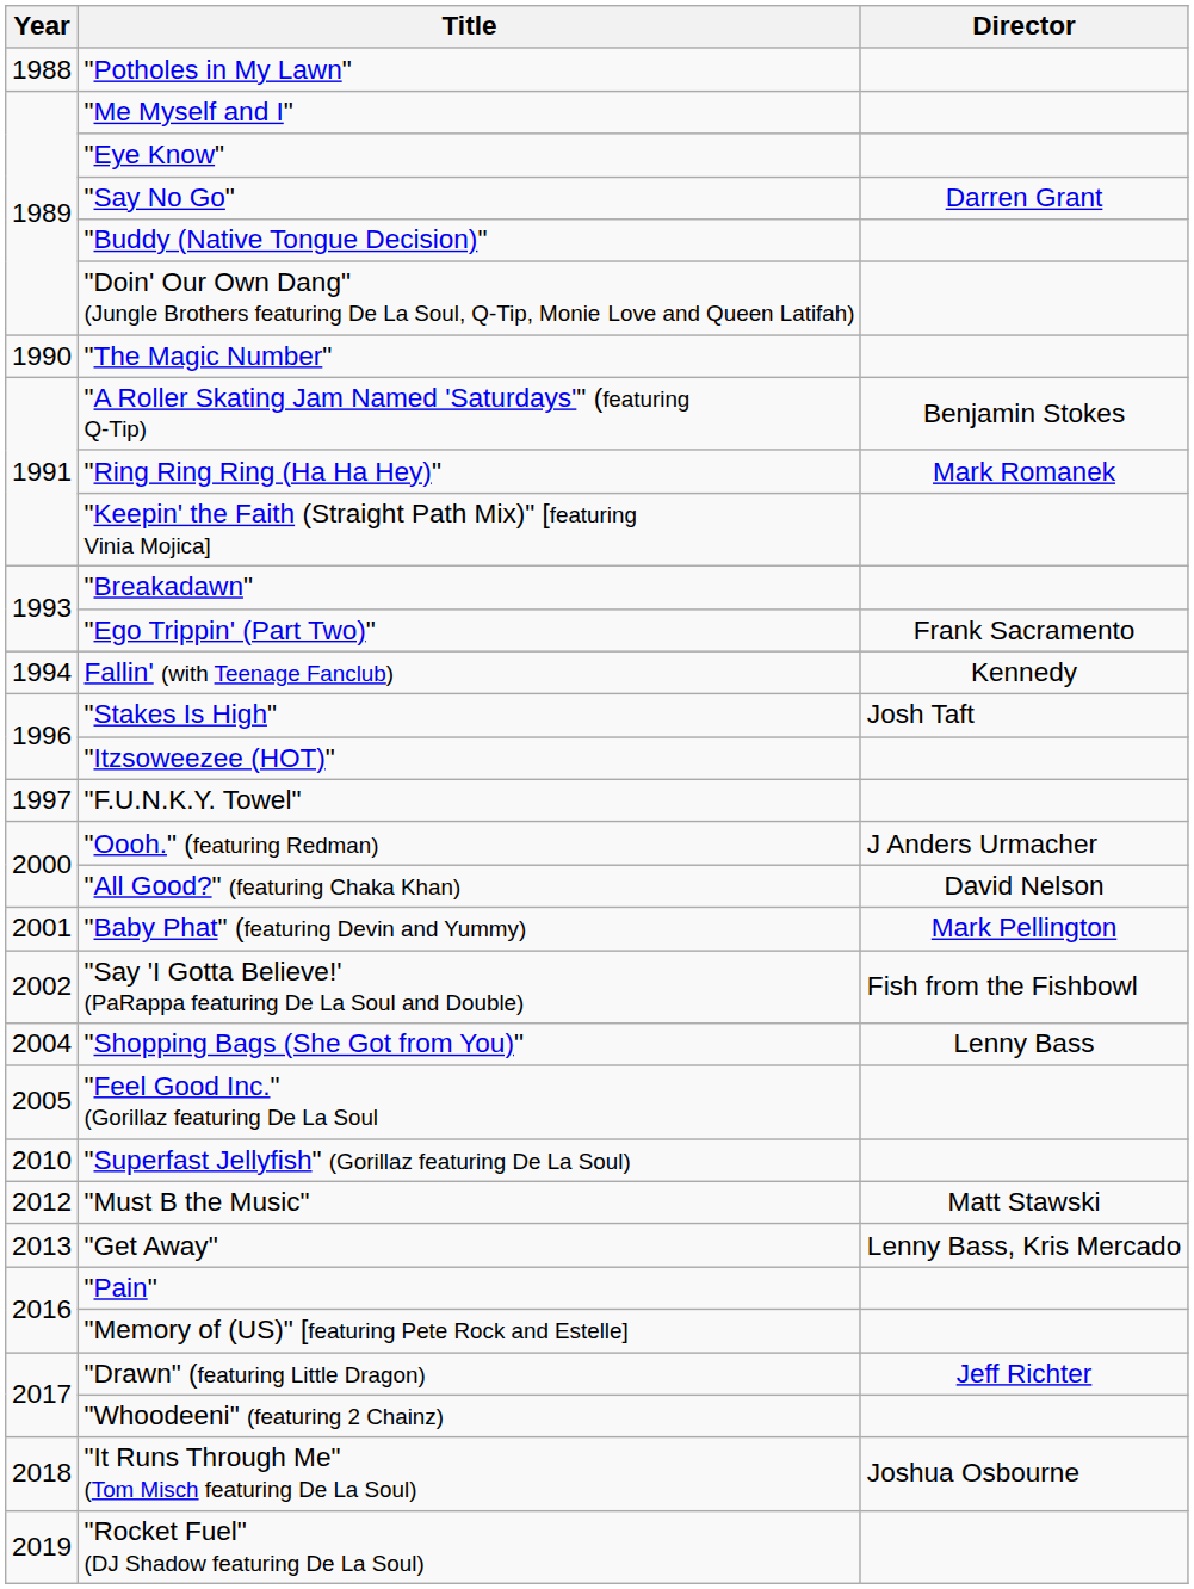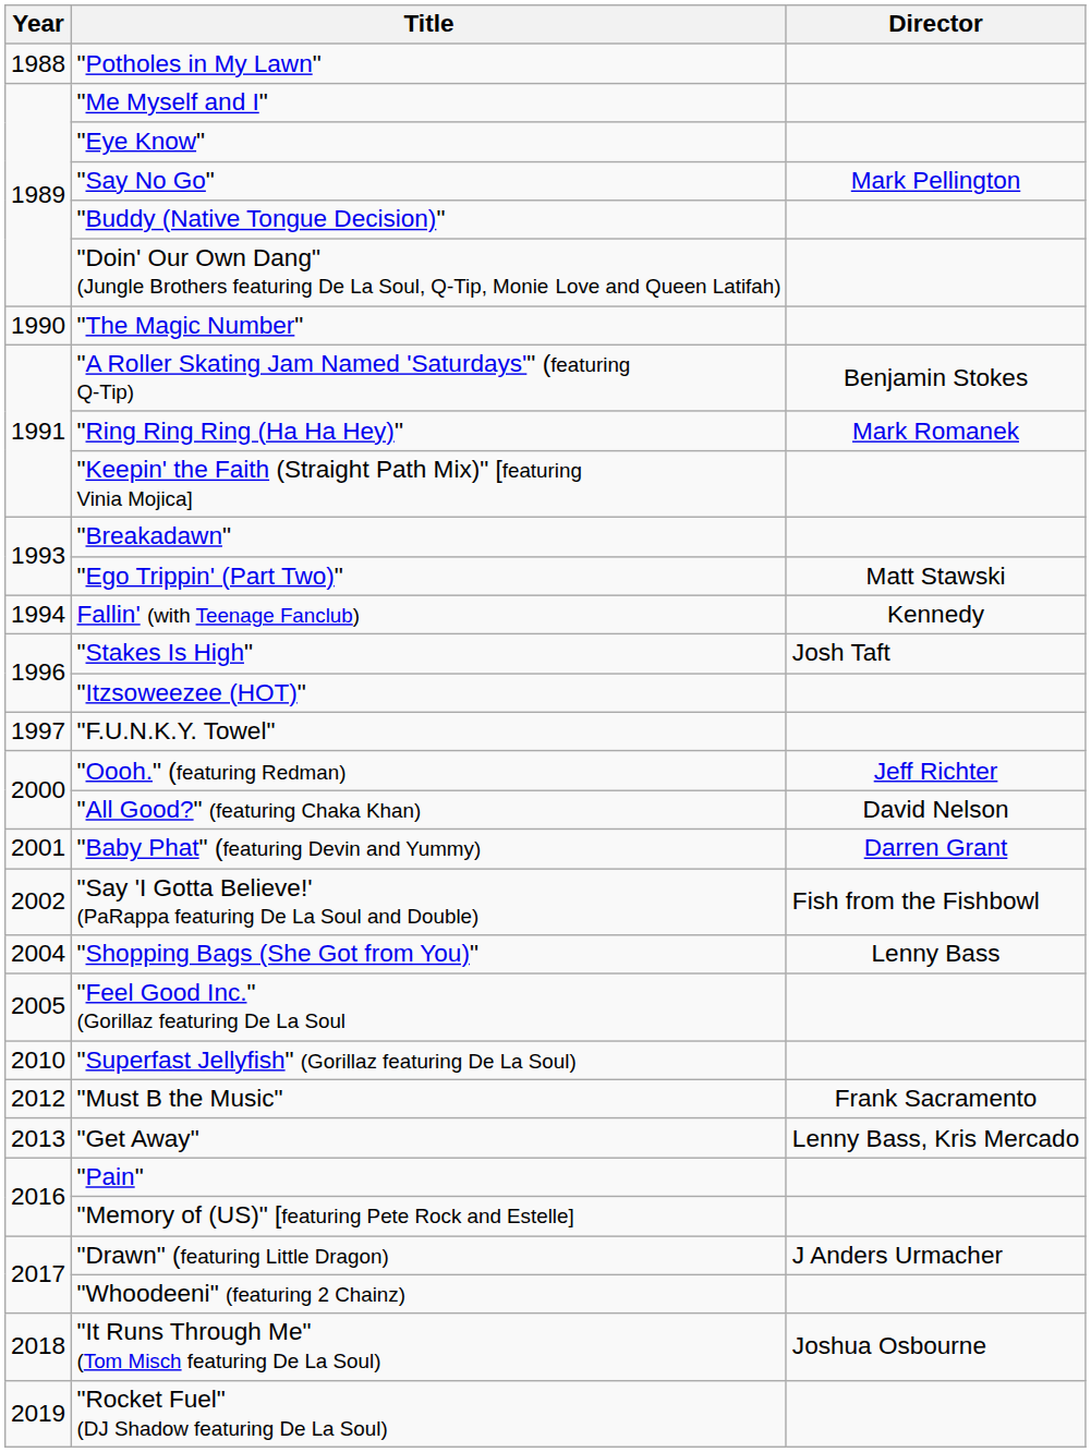 <table class="wikitable">
 <tr>
 <th>Year</th>
 <th>Title</th>
 <th>Director</th>
 </tr>
 <tr>
 <td>1988</td>
 <td>"<a href='#'>Potholes in My Lawn</a>"</td>
 <td></td>
 </tr>
 <tr>
 <td rowspan="5">1989</td>
 <td>"<a href='#'>Me Myself and I</a>"</td>
 <td></td>
 </tr>
 <tr>
 <td>"<a href='#'>Eye Know</a>"</td>
 <td></td>
 </tr>
 <tr>
 <td>"<a href='#'>Say No Go</a>"</td>
-<td align="center"><a href='#'>Darren Grant</a></td>
+<td align="center"><a href='#'>Mark Pellington</a></td>
 </tr>
 <tr>
 <td>"<a href='#'>Buddy (Native Tongue Decision)</a>"</td>
 <td></td>
 </tr>
 <tr>
 <td>"Doin' Our Own Dang"<br><small>(Jungle Brothers featuring De La Soul, Q-Tip, Monie</small> <small>Love and Queen Latifah)</small></td>
 <td></td>
 </tr>
 <tr>
 <td>1990</td>
 <td>"<a href='#'>The Magic Number</a>"</td>
 <td></td>
 </tr>
 <tr>
 <td rowspan="3">1991</td>
 <td>"<a href='#'>A Roller Skating Jam Named 'Saturdays'</a>" (<small>featuring</small><br><small>Q-Tip)</small></td>
 <td align="center">Benjamin Stokes</td>
 </tr>
 <tr>
 <td>"<a href='#'>Ring Ring Ring (Ha Ha Hey)</a>"</td>
 <td align="center"><a href='#'>Mark Romanek</a></td>
 </tr>
 <tr>
 <td>"<a href='#'>Keepin' the Faith</a> (Straight Path Mix)" [<small>featuring</small><br><small>Vinia Mojica]</small></td>
 <td></td>
 </tr>
 <tr>
 <td rowspan="2">1993</td>
 <td>"<a href='#'>Breakadawn</a>"</td>
 <td></td>
 </tr>
 <tr>
 <td>"<a href='#'>Ego Trippin' (Part Two)</a>"</td>
-<td align="center">Frank Sacramento</td>
+<td align="center">Matt Stawski</td>
 </tr>
 <tr>
 <td>1994</td>
 <td><a href='#'>Fallin'</a> <small>(with <a href='#'>Teenage Fanclub</a>)</small></td>
 <td align="center">Kennedy</td>
 </tr>
 <tr>
 <td rowspan="2">1996</td>
 <td>"<a href='#'>Stakes Is High</a>"</td>
 <td>Josh Taft</td>
 </tr>
 <tr>
 <td>"<a href='#'>Itzsoweezee (HOT)</a>"</td>
 <td></td>
 </tr>
 <tr>
 <td>1997</td>
 <td>"F.U.N.K.Y. Towel"</td>
 <td></td>
 </tr>
 <tr>
 <td rowspan="2">2000</td>
 <td>"<a href='#'>Oooh.</a>" (<small>featuring Redman)</small></td>
-<td>J Anders Urmacher</td>
+<td align="center"><a href='#'>Jeff Richter</a></td>
 </tr>
 <tr>
 <td>"<a href='#'>All Good?</a>" <small>(featuring Chaka Khan)</small></td>
 <td align="center">David Nelson</td>
 </tr>
 <tr>
 <td>2001</td>
 <td>"<a href='#'>Baby Phat</a>" (<small>featuring Devin and Yummy)</small></td>
-<td align="center"><a href='#'>Mark Pellington</a></td>
+<td align="center"><a href='#'>Darren Grant</a></td>
 </tr>
 <tr>
 <td>2002</td>
 <td>"Say 'I Gotta Believe!'<br><small>(PaRappa featuring De La Soul and Double)</small></td>
 <td>Fish from the Fishbowl</td>
 </tr>
 <tr>
 <td>2004</td>
 <td>"<a href='#'>Shopping Bags (She Got from You)</a>"</td>
 <td align="center">Lenny Bass</td>
 </tr>
 <tr>
 <td>2005</td>
 <td>"<a href='#'>Feel Good Inc.</a>"<br><small>(Gorillaz featuring De La Soul</small></td>
 <td></td>
 </tr>
 <tr>
 <td>2010</td>
 <td>"<a href='#'>Superfast Jellyfish</a>" <small>(Gorillaz featuring De La Soul)</small></td>
 <td></td>
 </tr>
 <tr>
 <td>2012</td>
 <td>"Must B the Music"</td>
-<td align="center">Matt Stawski</td>
+<td align="center">Frank Sacramento</td>
 </tr>
 <tr>
 <td>2013</td>
 <td>"Get Away"</td>
 <td align="center">Lenny Bass, Kris Mercado</td>
 </tr>
 <tr>
 <td rowspan="2">2016</td>
 <td>"<a href='#'>Pain</a>"</td>
 <td></td>
 </tr>
 <tr>
 <td>"Memory of (US)" [<small>featuring Pete Rock and Estelle]</small></td>
 <td></td>
 </tr>
 <tr>
 <td rowspan="2">2017</td>
 <td>"Drawn" (<small>featuring Little Dragon)</small></td>
-<td align="center"><a href='#'>Jeff Richter</a></td>
+<td>J Anders Urmacher</td>
 </tr>
 <tr>
 <td>"Whoodeeni" <small>(featuring 2 Chainz)</small></td>
 <td></td>
 </tr>
 <tr>
 <td>2018</td>
 <td>"It Runs Through Me"<br><small>(<a href='#'>Tom Misch</a> featuring De La Soul)</small></td>
 <td>Joshua Osbourne</td>
 </tr>
 <tr>
 <td>2019</td>
 <td>"Rocket Fuel"<br><small>(DJ Shadow featuring De La Soul)</small></td>
 <td></td>
 </tr>
 </table>
